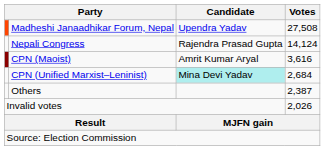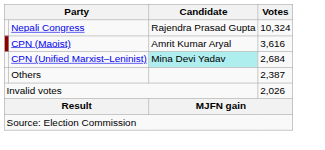 <table class="wikitable">
 <tr>
 <th colspan="2">Party</th>
 <th>Candidate</th>
 <th>Votes</th>
 </tr>
 <tr>
-<td style="background-color:orangered"></td>
-<td><a href='#'>Madheshi Janaadhikar Forum, Nepal</a></td>
-<td><a href='#'>Upendra Yadav</a></td>
-<td>27,508</td>
-</tr>
-<tr>
 <td style="background-color:"></td>
 <td><a href='#'>Nepali Congress</a></td>
 <td>Rajendra Prasad Gupta</td>
-<td>14,124</td>
+<td>10,324</td>
 </tr>
 <tr>
 <td style="background-color:darkred"></td>
 <td><a href='#'>CPN (Maoist)</a></td>
 <td>Amrit Kumar Aryal</td>
 <td>3,616</td>
 </tr>
 <tr>
 <td style="background-color:"></td>
 <td><a href='#'>CPN (Unified Marxist–Leninist)</a></td>
 <td style="background: paleturquoise;">Mina Devi Yadav</td>
 <td>2,684</td>
 </tr>
 <tr>
 <td></td>
 <td>Others</td>
 <td></td>
 <td>2,387</td>
 </tr>
 <tr>
 <td colspan="3">Invalid votes</td>
 <td>2,026</td>
 </tr>
 <tr>
 <th colspan="2">Result</th>
 <th colspan="2">MJFN gain</th>
 </tr>
 <tr>
 <td colspan="4">Source: Election Commission</td>
 </tr>
 </table>
